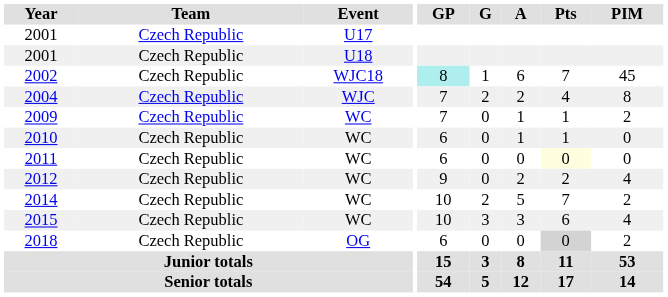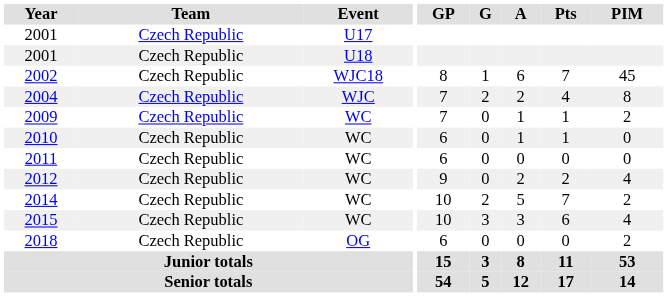 <table border="0" cellpadding="1" cellspacing="0" ID="Table3" style="text-align:center; width:40em">
 <tr ALIGN="center" bgcolor="#e0e0e0">
 <th>Year</th>
 <th>Team</th>
 <th>Event</th>
 <th rowspan="99" bgcolor="#ffffff"></th>
 <th>GP</th>
 <th>G</th>
 <th>A</th>
 <th>Pts</th>
 <th>PIM</th>
 </tr>
 <tr>
 <td>2001</td>
 <td><a href='#'>Czech Republic</a></td>
 <td><a href='#'>U17</a></td>
 <td></td>
 <td></td>
 <td></td>
 <td></td>
 <td></td>
 </tr>
 <tr bgcolor="#f0f0f0">
 <td>2001</td>
 <td>Czech Republic</td>
 <td><a href='#'>U18</a></td>
 <td></td>
 <td></td>
 <td></td>
 <td></td>
 <td></td>
 </tr>
 <tr>
 <td><a href='#'>2002</a></td>
 <td>Czech Republic</td>
 <td><a href='#'>WJC18</a></td>
-<td style="background: paleturquoise;">8</td>
+<td>8</td>
 <td>1</td>
 <td>6</td>
 <td>7</td>
 <td>45</td>
 </tr>
 <tr bgcolor="#f0f0f0">
 <td><a href='#'>2004</a></td>
 <td><a href='#'>Czech Republic</a></td>
 <td><a href='#'>WJC</a></td>
 <td>7</td>
 <td>2</td>
 <td>2</td>
 <td>4</td>
 <td>8</td>
 </tr>
 <tr>
 <td><a href='#'>2009</a></td>
 <td><a href='#'>Czech Republic</a></td>
 <td><a href='#'>WC</a></td>
 <td>7</td>
 <td>0</td>
 <td>1</td>
 <td>1</td>
 <td>2</td>
 </tr>
 <tr bgcolor="#f0f0f0">
 <td><a href='#'>2010</a></td>
 <td>Czech Republic</td>
 <td>WC</td>
 <td>6</td>
 <td>0</td>
 <td>1</td>
 <td>1</td>
 <td>0</td>
 </tr>
 <tr>
 <td><a href='#'>2011</a></td>
 <td>Czech Republic</td>
 <td>WC</td>
 <td>6</td>
 <td>0</td>
 <td>0</td>
-<td style="background: lightyellow;">0</td>
+<td>0</td>
 <td>0</td>
 </tr>
 <tr bgcolor="#f0f0f0">
 <td><a href='#'>2012</a></td>
 <td>Czech Republic</td>
 <td>WC</td>
 <td>9</td>
 <td>0</td>
 <td>2</td>
 <td>2</td>
 <td>4</td>
 </tr>
 <tr>
 <td><a href='#'>2014</a></td>
 <td>Czech Republic</td>
 <td>WC</td>
 <td>10</td>
 <td>2</td>
 <td>5</td>
 <td>7</td>
 <td>2</td>
 </tr>
 <tr bgcolor="#f0f0f0">
 <td><a href='#'>2015</a></td>
 <td>Czech Republic</td>
 <td>WC</td>
 <td>10</td>
 <td>3</td>
 <td>3</td>
 <td>6</td>
 <td>4</td>
 </tr>
 <tr>
 <td><a href='#'>2018</a></td>
 <td>Czech Republic</td>
 <td><a href='#'>OG</a></td>
 <td>6</td>
 <td>0</td>
 <td>0</td>
-<td style="background: lightgrey;">0</td>
+<td>0</td>
 <td>2</td>
 </tr>
 <tr bgcolor="#e0e0e0">
 <th colspan="3">Junior totals</th>
 <th>15</th>
 <th>3</th>
 <th>8</th>
 <th>11</th>
 <th>53</th>
 </tr>
 <tr bgcolor="#e0e0e0">
 <th colspan="3">Senior totals</th>
 <th>54</th>
 <th>5</th>
 <th>12</th>
 <th>17</th>
 <th>14</th>
 </tr>
 </table>
